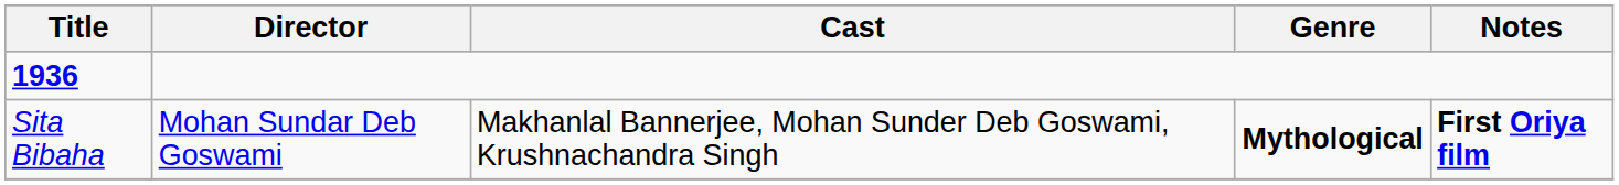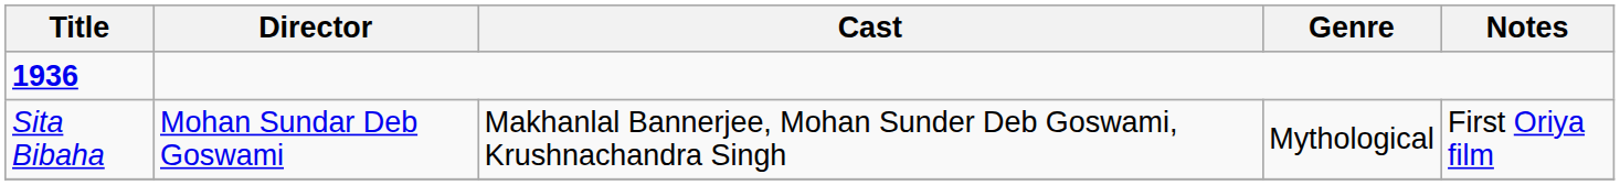 <table class="wikitable">
 <tr>
 <th>Title</th>
 <th>Director</th>
 <th>Cast</th>
 <th>Genre</th>
 <th>Notes</th>
 </tr>
 <tr>
 <td><strong><a href='#'>1936</a></strong></td>
 </tr>
 <tr>
 <td><em><a href='#'>Sita Bibaha</a></em></td>
 <td><a href='#'>Mohan Sundar Deb Goswami</a></td>
 <td>Makhanlal Bannerjee, Mohan Sunder Deb Goswami, Krushnachandra Singh</td>
-<td><strong>Mythological</strong></td>
-<td><strong>First <a href='#'>Oriya film</a></strong></td>
+<td>Mythological</td>
+<td>First <a href='#'>Oriya film</a></td>
 </tr>
 <tr>
 </tr>
 </table>
